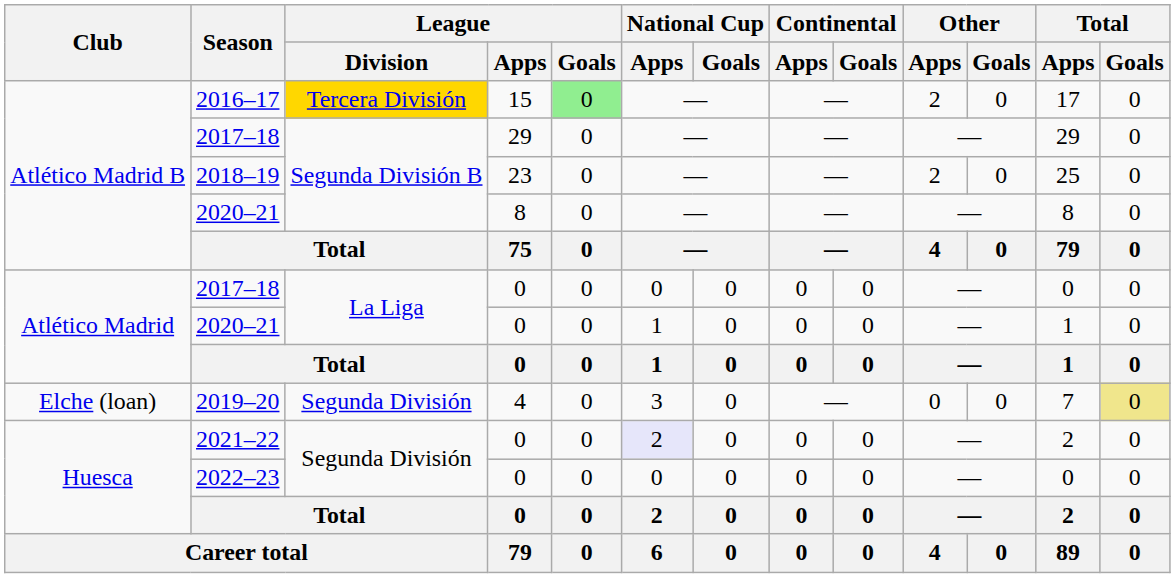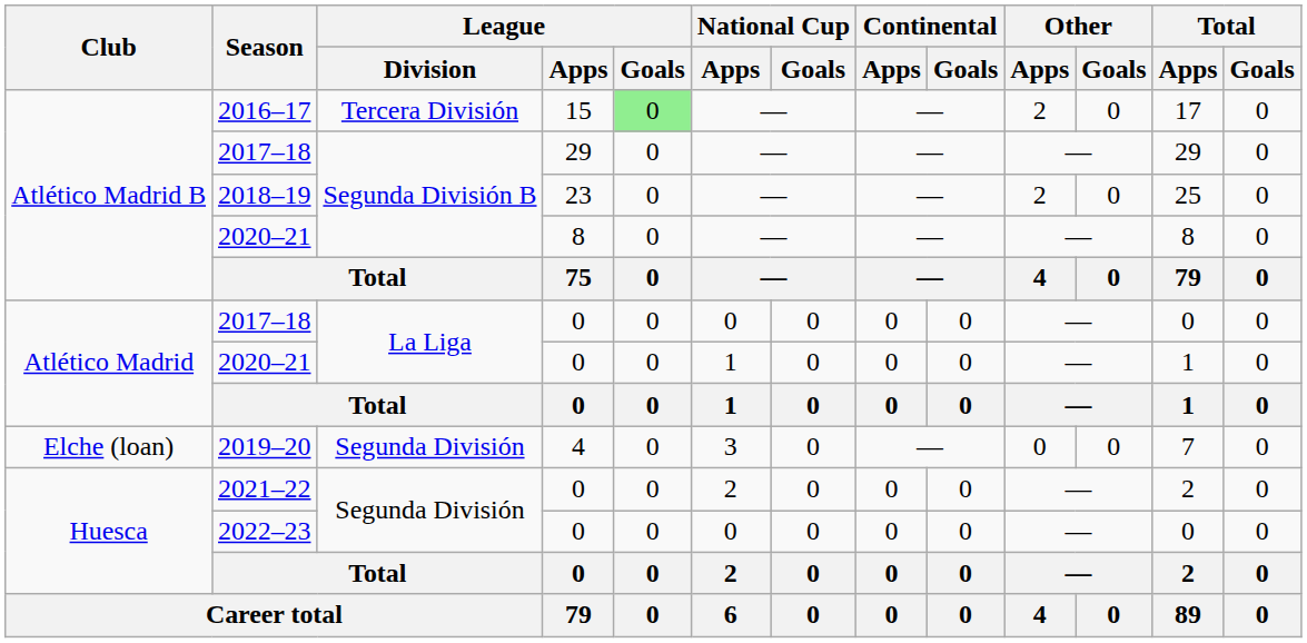 <table class="wikitable" style="text-align:center">
 <tr>
 <th rowspan="2">Club</th>
 <th rowspan="2">Season</th>
 <th colspan="3">League</th>
 <th colspan="2">National Cup</th>
 <th colspan="2">Continental</th>
 <th colspan="2">Other</th>
 <th colspan="2">Total</th>
 </tr>
 <tr>
 <th>Division</th>
 <th>Apps</th>
 <th>Goals</th>
 <th>Apps</th>
 <th>Goals</th>
 <th>Apps</th>
 <th>Goals</th>
 <th>Apps</th>
 <th>Goals</th>
 <th>Apps</th>
 <th>Goals</th>
 </tr>
 <tr>
 <td rowspan="5"><a href='#'>Atlético Madrid B</a></td>
 <td><a href='#'>2016–17</a></td>
-<td style="background: gold;"><a href='#'>Tercera División</a></td>
+<td><a href='#'>Tercera División</a></td>
 <td>15</td>
 <td style="background: lightgreen;">0</td>
 <td colspan="2">—</td>
 <td colspan="2">—</td>
 <td>2</td>
 <td>0</td>
 <td>17</td>
 <td>0</td>
 </tr>
 <tr>
 <td><a href='#'>2017–18</a></td>
 <td rowspan="3"><a href='#'>Segunda División B</a></td>
 <td>29</td>
 <td>0</td>
 <td colspan="2">—</td>
 <td colspan="2">—</td>
 <td colspan="2">—</td>
 <td>29</td>
 <td>0</td>
 </tr>
 <tr>
 <td><a href='#'>2018–19</a></td>
 <td>23</td>
 <td>0</td>
 <td colspan="2">—</td>
 <td colspan="2">—</td>
 <td>2</td>
 <td>0</td>
 <td>25</td>
 <td>0</td>
 </tr>
 <tr>
 <td><a href='#'>2020–21</a></td>
 <td>8</td>
 <td>0</td>
 <td colspan="2">—</td>
 <td colspan="2">—</td>
 <td colspan="2">—</td>
 <td>8</td>
 <td>0</td>
 </tr>
 <tr>
 <th colspan="2">Total</th>
 <th>75</th>
 <th>0</th>
 <th colspan="2">—</th>
 <th colspan="2">—</th>
 <th>4</th>
 <th>0</th>
 <th>79</th>
 <th>0</th>
 </tr>
 <tr>
 <td rowspan="3"><a href='#'>Atlético Madrid</a></td>
 <td><a href='#'>2017–18</a></td>
 <td rowspan="2"><a href='#'>La Liga</a></td>
 <td>0</td>
 <td>0</td>
 <td>0</td>
 <td>0</td>
 <td>0</td>
 <td>0</td>
 <td colspan="2">—</td>
 <td>0</td>
 <td>0</td>
 </tr>
 <tr>
 <td><a href='#'>2020–21</a></td>
 <td>0</td>
 <td>0</td>
 <td>1</td>
 <td>0</td>
 <td>0</td>
 <td>0</td>
 <td colspan="2">—</td>
 <td>1</td>
 <td>0</td>
 </tr>
 <tr>
 <th colspan="2">Total</th>
 <th>0</th>
 <th>0</th>
 <th>1</th>
 <th>0</th>
 <th>0</th>
 <th>0</th>
 <th colspan="2">—</th>
 <th>1</th>
 <th>0</th>
 </tr>
 <tr>
 <td><a href='#'>Elche</a> (loan)</td>
 <td><a href='#'>2019–20</a></td>
 <td><a href='#'>Segunda División</a></td>
 <td>4</td>
 <td>0</td>
 <td>3</td>
 <td>0</td>
 <td colspan="2">—</td>
 <td>0</td>
 <td>0</td>
 <td>7</td>
-<td style="background: khaki;">0</td>
+<td>0</td>
 </tr>
 <tr>
 <td rowspan="3"><a href='#'>Huesca</a></td>
 <td><a href='#'>2021–22</a></td>
 <td rowspan="2">Segunda División</td>
 <td>0</td>
 <td>0</td>
-<td style="background: lavender;">2</td>
+<td>2</td>
 <td>0</td>
 <td>0</td>
 <td>0</td>
 <td colspan="2">—</td>
 <td>2</td>
 <td>0</td>
 </tr>
 <tr>
 <td><a href='#'>2022–23</a></td>
 <td>0</td>
 <td>0</td>
 <td>0</td>
 <td>0</td>
 <td>0</td>
 <td>0</td>
 <td colspan="2">—</td>
 <td>0</td>
 <td>0</td>
 </tr>
 <tr>
 <th colspan="2">Total</th>
 <th>0</th>
 <th>0</th>
 <th>2</th>
 <th>0</th>
 <th>0</th>
 <th>0</th>
 <th colspan="2">—</th>
 <th>2</th>
 <th>0</th>
 </tr>
 <tr>
 <th colspan="3">Career total</th>
 <th>79</th>
 <th>0</th>
 <th>6</th>
 <th>0</th>
 <th>0</th>
 <th>0</th>
 <th>4</th>
 <th>0</th>
 <th>89</th>
 <th>0</th>
 </tr>
 </table>
